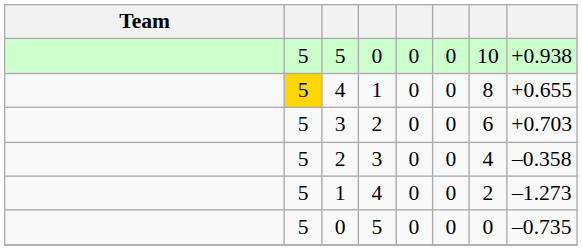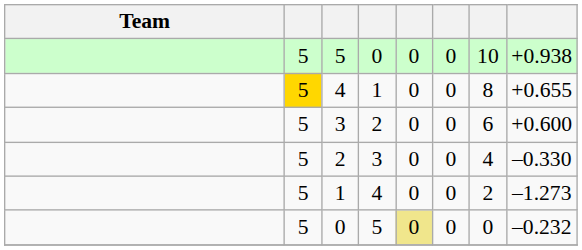 <table class="wikitable" style="text-align:center">
 <tr>
 <th width=200>Team</th>
 <th width=20></th>
 <th width=20></th>
 <th width=20></th>
 <th width=20></th>
 <th width=20></th>
 <th width=20></th>
 <th width=45></th>
 </tr>
 <tr style="background:#cfc;">
 <td align="left"></td>
 <td>5</td>
 <td>5</td>
 <td>0</td>
 <td>0</td>
 <td>0</td>
 <td>10</td>
 <td>+0.938</td>
 </tr>
 <tr>
 <td align="left"></td>
 <td style="background: gold;">5</td>
 <td>4</td>
 <td>1</td>
 <td>0</td>
 <td>0</td>
 <td>8</td>
 <td>+0.655</td>
 </tr>
 <tr>
 <td align="left"></td>
 <td>5</td>
 <td>3</td>
 <td>2</td>
 <td>0</td>
 <td>0</td>
 <td>6</td>
-<td>+0.703</td>
+<td>+0.600</td>
 </tr>
 <tr>
 <td align="left"></td>
 <td>5</td>
 <td>2</td>
 <td>3</td>
 <td>0</td>
 <td>0</td>
 <td>4</td>
-<td>–0.358</td>
+<td>–0.330</td>
 </tr>
 <tr>
 <td align="left"></td>
 <td>5</td>
 <td>1</td>
 <td>4</td>
 <td>0</td>
 <td>0</td>
 <td>2</td>
 <td>–1.273</td>
 </tr>
 <tr>
 <td align="left"></td>
 <td>5</td>
 <td>0</td>
 <td>5</td>
+<td style="background: khaki;">0</td>
 <td>0</td>
 <td>0</td>
-<td>0</td>
-<td>–0.735</td>
+<td>–0.232</td>
 </tr>
 <tr>
 </tr>
 </table>
